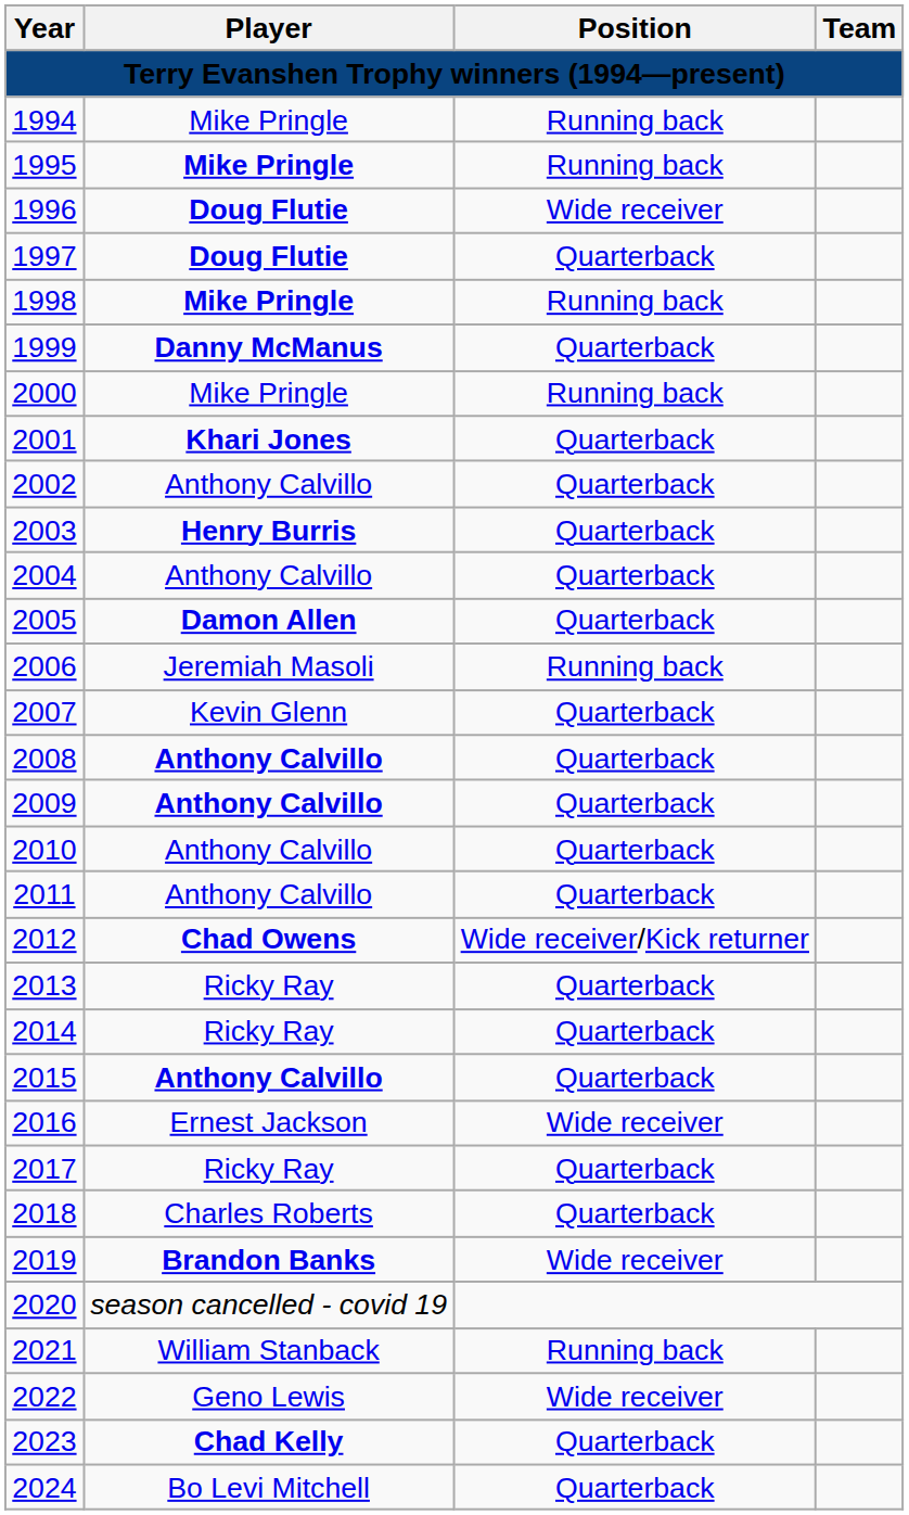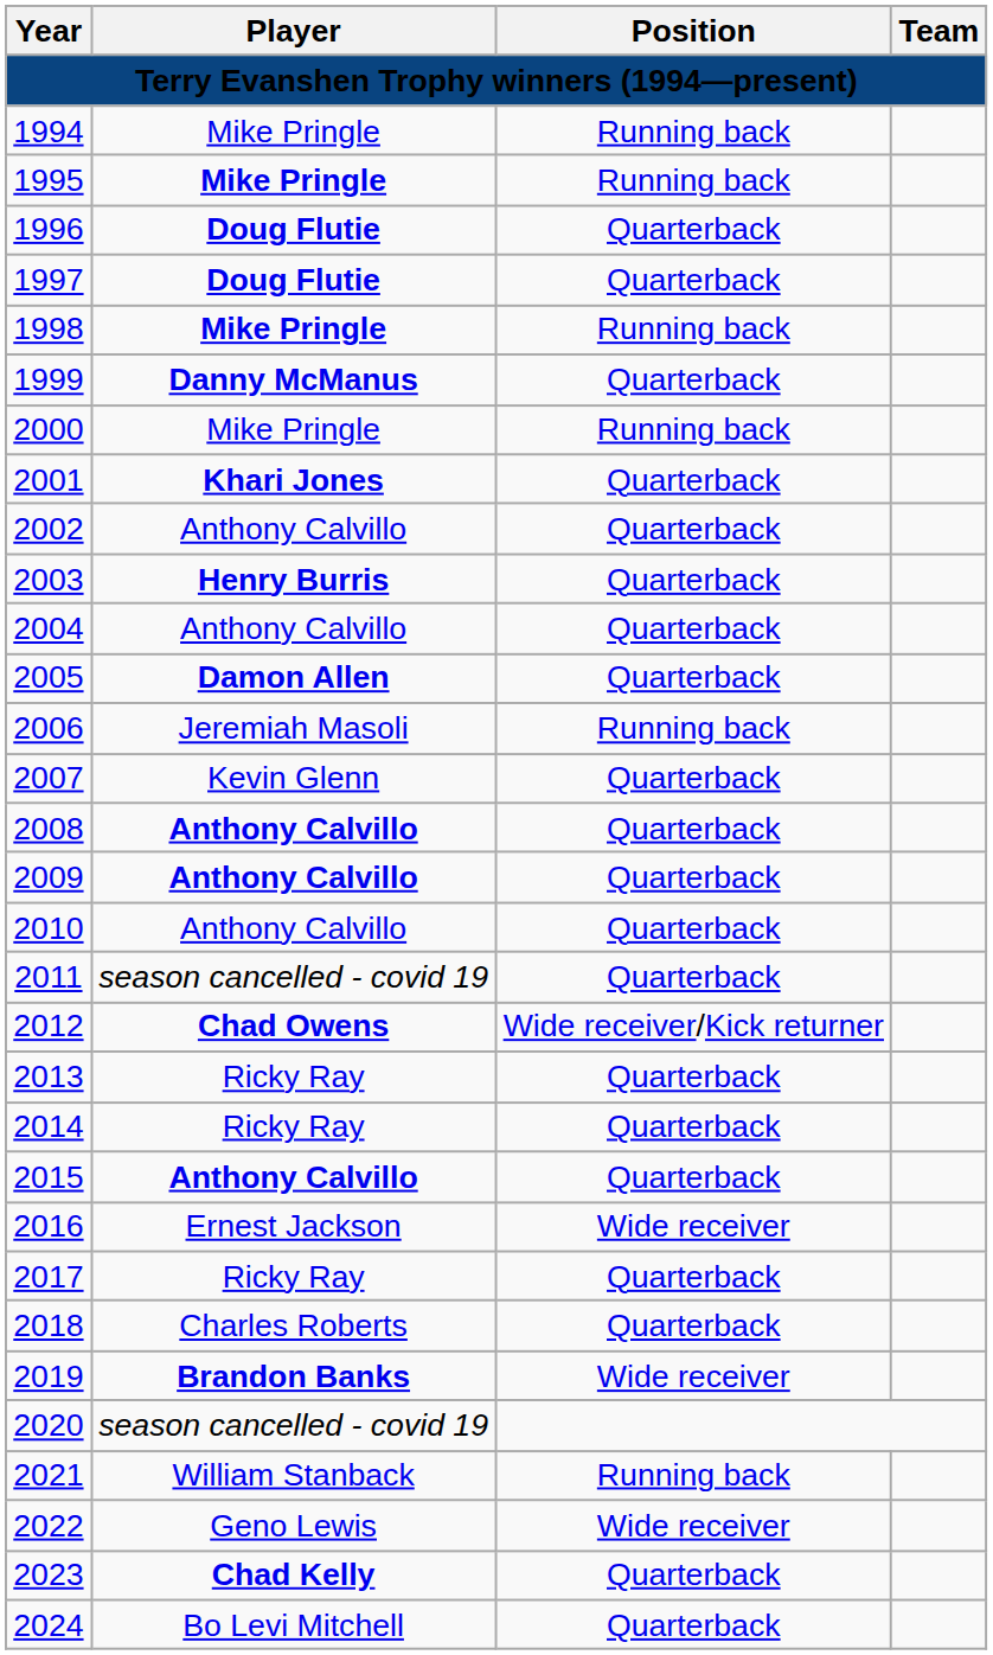 <table class="wikitable sortable" style="text-align:center; font-size:85%">
 <tr>
 <th>Year</th>
 <th>Player</th>
 <th>Position</th>
 <th>Team</th>
 </tr>
 <tr>
 <th style="background:#094480;" colspan="7"><span>Terry Evanshen Trophy winners (1994—present)</span></th>
 </tr>
 <tr>
 <td><a href='#'>1994</a></td>
 <td><a href='#'>Mike Pringle</a></td>
 <td><a href='#'>Running back</a></td>
 <td><a href='#'></a></td>
 </tr>
 <tr>
 <td><a href='#'>1995</a></td>
 <td><strong><a href='#'>Mike Pringle</a></strong></td>
 <td><a href='#'>Running back</a></td>
 <td><a href='#'></a></td>
 </tr>
 <tr>
 <td><a href='#'>1996</a></td>
 <td><strong><a href='#'>Doug Flutie</a></strong></td>
-<td><a href='#'>Wide receiver</a></td>
+<td><a href='#'>Quarterback</a></td>
 <td><a href='#'></a></td>
 </tr>
 <tr>
 <td><a href='#'>1997</a></td>
 <td><strong><a href='#'>Doug Flutie</a></strong></td>
 <td><a href='#'>Quarterback</a></td>
 <td><a href='#'></a></td>
 </tr>
 <tr>
 <td><a href='#'>1998</a></td>
 <td><strong><a href='#'>Mike Pringle</a></strong></td>
 <td><a href='#'>Running back</a></td>
 <td><a href='#'></a></td>
 </tr>
 <tr>
 <td><a href='#'>1999</a></td>
 <td><strong><a href='#'>Danny McManus</a></strong></td>
 <td><a href='#'>Quarterback</a></td>
 <td><a href='#'></a></td>
 </tr>
 <tr>
 <td><a href='#'>2000</a></td>
 <td><a href='#'>Mike Pringle</a></td>
 <td><a href='#'>Running back</a></td>
 <td><a href='#'></a></td>
 </tr>
 <tr>
 <td><a href='#'>2001</a></td>
 <td><strong><a href='#'>Khari Jones</a></strong></td>
 <td><a href='#'>Quarterback</a></td>
 <td><a href='#'></a></td>
 </tr>
 <tr>
 <td><a href='#'>2002</a></td>
 <td><a href='#'>Anthony Calvillo</a></td>
 <td><a href='#'>Quarterback</a></td>
 <td><a href='#'></a></td>
 </tr>
 <tr>
 <td><a href='#'>2003</a></td>
 <td><strong><a href='#'>Henry Burris</a></strong></td>
 <td><a href='#'>Quarterback</a></td>
 <td><a href='#'></a></td>
 </tr>
 <tr>
 <td><a href='#'>2004</a></td>
 <td><a href='#'>Anthony Calvillo</a></td>
 <td><a href='#'>Quarterback</a></td>
 <td><a href='#'></a></td>
 </tr>
 <tr>
 <td><a href='#'>2005</a></td>
 <td><strong><a href='#'>Damon Allen</a></strong></td>
 <td><a href='#'>Quarterback</a></td>
 <td><a href='#'></a></td>
 </tr>
 <tr>
 <td><a href='#'>2006</a></td>
 <td><a href='#'>Jeremiah Masoli</a></td>
 <td><a href='#'>Running back</a></td>
 <td><a href='#'></a></td>
 </tr>
 <tr>
 <td><a href='#'>2007</a></td>
 <td><a href='#'>Kevin Glenn</a></td>
 <td><a href='#'>Quarterback</a></td>
 <td><a href='#'></a></td>
 </tr>
 <tr>
 <td><a href='#'>2008</a></td>
 <td><strong><a href='#'>Anthony Calvillo</a></strong></td>
 <td><a href='#'>Quarterback</a></td>
 <td><a href='#'></a></td>
 </tr>
 <tr>
 <td><a href='#'>2009</a></td>
 <td><strong><a href='#'>Anthony Calvillo</a></strong></td>
 <td><a href='#'>Quarterback</a></td>
 <td><a href='#'></a></td>
 </tr>
 <tr>
 <td><a href='#'>2010</a></td>
 <td><a href='#'>Anthony Calvillo</a></td>
 <td><a href='#'>Quarterback</a></td>
 <td><a href='#'></a></td>
 </tr>
 <tr>
 <td><a href='#'>2011</a></td>
-<td><a href='#'>Anthony Calvillo</a></td>
+<td><em>season cancelled - covid 19</em></td>
 <td><a href='#'>Quarterback</a></td>
 <td><a href='#'></a></td>
 </tr>
 <tr>
 <td><a href='#'>2012</a></td>
 <td><strong><a href='#'>Chad Owens</a></strong></td>
 <td><a href='#'>Wide receiver</a>/<a href='#'>Kick returner</a></td>
 <td><a href='#'></a></td>
 </tr>
 <tr>
 <td><a href='#'>2013</a></td>
 <td><a href='#'>Ricky Ray</a></td>
 <td><a href='#'>Quarterback</a></td>
 <td><a href='#'></a></td>
 </tr>
 <tr>
 <td><a href='#'>2014</a></td>
 <td><a href='#'>Ricky Ray</a></td>
 <td><a href='#'>Quarterback</a></td>
 <td><a href='#'></a></td>
 </tr>
 <tr>
 <td><a href='#'>2015</a></td>
 <td><strong><a href='#'>Anthony Calvillo</a></strong></td>
 <td><a href='#'>Quarterback</a></td>
 <td><a href='#'></a></td>
 </tr>
 <tr>
 <td><a href='#'>2016</a></td>
 <td><a href='#'>Ernest Jackson</a></td>
 <td><a href='#'>Wide receiver</a></td>
 <td><a href='#'></a></td>
 </tr>
 <tr>
 <td><a href='#'>2017</a></td>
 <td><a href='#'>Ricky Ray</a></td>
 <td><a href='#'>Quarterback</a></td>
 <td><a href='#'></a></td>
 </tr>
 <tr>
 <td><a href='#'>2018</a></td>
 <td><a href='#'>Charles Roberts</a></td>
 <td><a href='#'>Quarterback</a></td>
 <td><a href='#'></a></td>
 </tr>
 <tr>
 <td><a href='#'>2019</a></td>
 <td><strong><a href='#'>Brandon Banks</a></strong></td>
 <td><a href='#'>Wide receiver</a></td>
 <td><a href='#'></a></td>
 </tr>
 <tr>
 <td><a href='#'>2020</a></td>
 <td><em>season cancelled - covid 19</em></td>
 </tr>
 <tr>
 <td><a href='#'>2021</a></td>
 <td><a href='#'>William Stanback</a></td>
 <td><a href='#'>Running back</a></td>
 <td><a href='#'></a></td>
 </tr>
 <tr>
 <td><a href='#'>2022</a></td>
 <td><a href='#'>Geno Lewis</a></td>
 <td><a href='#'>Wide receiver</a></td>
 <td><a href='#'></a></td>
 </tr>
 <tr>
 <td><a href='#'>2023</a></td>
 <td><strong><a href='#'>Chad Kelly</a></strong></td>
 <td><a href='#'>Quarterback</a></td>
 <td><a href='#'></a></td>
 </tr>
 <tr>
 <td><a href='#'>2024</a></td>
 <td><a href='#'>Bo Levi Mitchell</a></td>
 <td><a href='#'>Quarterback</a></td>
 <td><a href='#'></a></td>
 </tr>
 </table>
